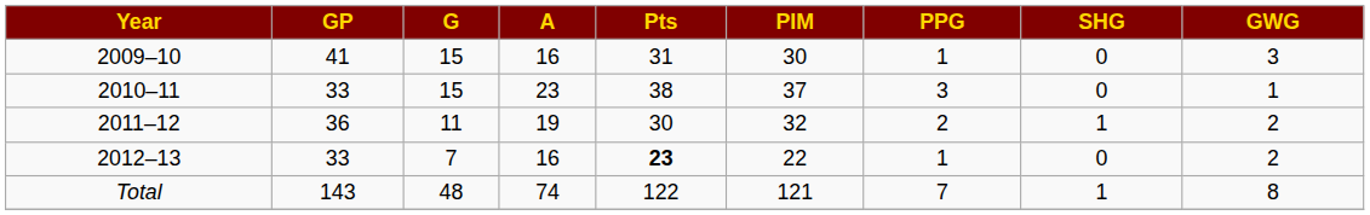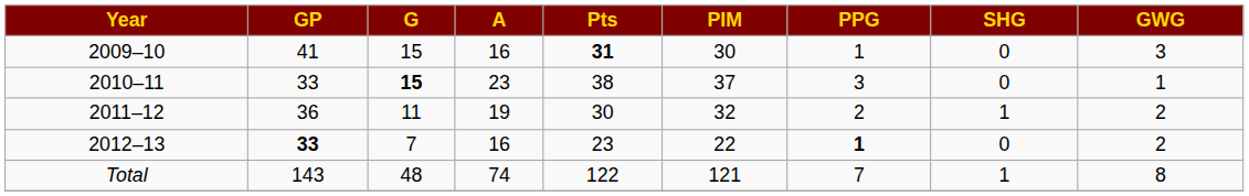 <table class="wikitable" width="80%">
 <tr align="center"  style="background:maroon;color:gold;">
 <td><strong>Year</strong></td>
 <td><strong>GP</strong></td>
 <td><strong>G</strong></td>
 <td><strong>A</strong></td>
 <td><strong>Pts</strong></td>
 <td><strong>PIM</strong></td>
 <td><strong>PPG</strong></td>
 <td><strong>SHG</strong></td>
 <td><strong>GWG</strong></td>
 </tr>
 <tr align="center" bgcolor="">
 <td>2009–10</td>
 <td>41</td>
 <td>15</td>
 <td>16</td>
-<td>31</td>
+<td><strong>31</strong></td>
 <td>30</td>
 <td>1</td>
 <td>0</td>
 <td>3</td>
 </tr>
 <tr align="center" bgcolor="">
 <td>2010–11</td>
 <td>33</td>
-<td>15</td>
+<td><strong>15</strong></td>
 <td>23</td>
 <td>38</td>
 <td>37</td>
 <td>3</td>
 <td>0</td>
 <td>1</td>
 </tr>
 <tr align="center" bgcolor="">
 <td>2011–12</td>
 <td>36</td>
 <td>11</td>
 <td>19</td>
 <td>30</td>
 <td>32</td>
 <td>2</td>
 <td>1</td>
 <td>2</td>
 </tr>
 <tr align="center" bgcolor="">
 <td>2012–13</td>
-<td>33</td>
+<td><strong>33</strong></td>
 <td>7</td>
 <td>16</td>
-<td><strong>23</strong></td>
+<td>23</td>
 <td>22</td>
-<td>1</td>
+<td><strong>1</strong></td>
 <td>0</td>
 <td>2</td>
 </tr>
 <tr align="center" bgcolor="">
 <td><em>Total</em></td>
 <td>143</td>
 <td>48</td>
 <td>74</td>
 <td>122</td>
 <td>121</td>
 <td>7</td>
 <td>1</td>
 <td>8</td>
 </tr>
 <tr align="center" bgcolor="">
 </tr>
 </table>
